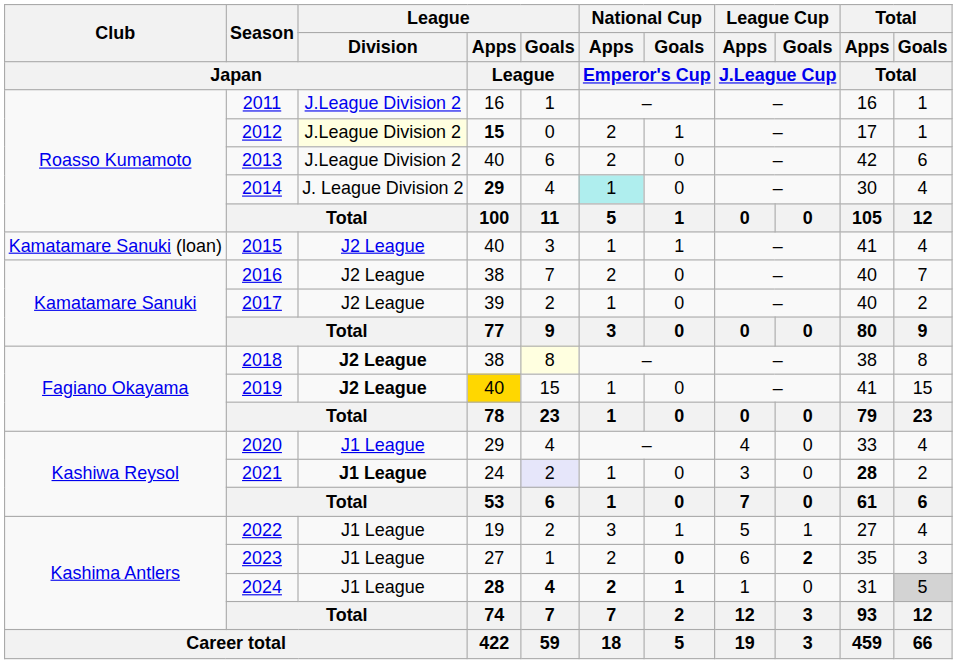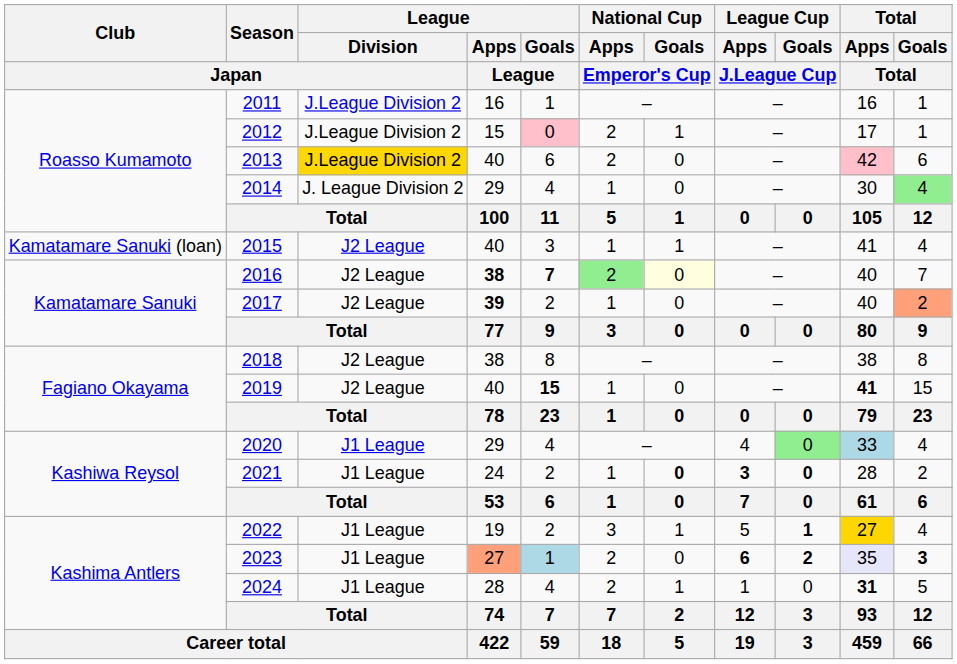 <table class="wikitable" style="text-align: center">
 <tr>
 <th rowspan="2">Club</th>
 <th rowspan="2">Season</th>
 <th colspan="3">League</th>
 <th colspan="2">National Cup</th>
 <th colspan="2">League Cup</th>
 <th colspan="2">Total</th>
 </tr>
 <tr>
 <th>Division</th>
 <th>Apps</th>
 <th>Goals</th>
 <th>Apps</th>
 <th>Goals</th>
 <th>Apps</th>
 <th>Goals</th>
 <th>Apps</th>
 <th>Goals</th>
 </tr>
 <tr>
 <th colspan=3>Japan</th>
 <th colspan=2>League</th>
 <th colspan=2><a href='#'>Emperor's Cup</a></th>
 <th colspan=2><a href='#'>J.League Cup</a></th>
 <th colspan=2>Total</th>
 </tr>
 <tr>
 <td rowspan="5"><a href='#'>Roasso Kumamoto</a></td>
 <td><a href='#'>2011</a></td>
 <td><a href='#'>J.League Division 2</a></td>
 <td>16</td>
 <td>1</td>
 <td colspan="2">–</td>
 <td colspan="2">–</td>
 <td>16</td>
 <td>1</td>
 </tr>
 <tr>
 <td><a href='#'>2012</a></td>
-<td style="background: lightyellow;">J.League Division 2</td>
-<td><strong>15</strong></td>
-<td>0</td>
+<td>J.League Division 2</td>
+<td>15</td>
+<td style="background: pink;">0</td>
 <td>2</td>
 <td>1</td>
 <td colspan="2">–</td>
 <td>17</td>
 <td>1</td>
 </tr>
 <tr>
 <td><a href='#'>2013</a></td>
-<td>J.League Division 2</td>
+<td style="background: gold;">J.League Division 2</td>
 <td>40</td>
 <td>6</td>
 <td>2</td>
 <td>0</td>
 <td colspan="2">–</td>
-<td>42</td>
+<td style="background: pink;">42</td>
 <td>6</td>
 </tr>
 <tr>
 <td><a href='#'>2014</a></td>
 <td>J. League Division 2</td>
-<td><strong>29</strong></td>
+<td>29</td>
 <td>4</td>
-<td style="background: paleturquoise;">1</td>
+<td>1</td>
 <td>0</td>
 <td colspan="2">–</td>
 <td>30</td>
-<td>4</td>
+<td style="background: lightgreen;">4</td>
 </tr>
 <tr>
 <th colspan="2">Total</th>
 <th>100</th>
 <th>11</th>
 <th>5</th>
 <th>1</th>
 <th>0</th>
 <th>0</th>
 <th>105</th>
 <th>12</th>
 </tr>
 <tr>
 <td><a href='#'>Kamatamare Sanuki</a> (loan)</td>
 <td><a href='#'>2015</a></td>
 <td><a href='#'>J2 League</a></td>
 <td>40</td>
 <td>3</td>
 <td>1</td>
 <td>1</td>
 <td colspan="2">–</td>
 <td>41</td>
 <td>4</td>
 </tr>
 <tr>
 <td rowspan="3"><a href='#'>Kamatamare Sanuki</a></td>
 <td><a href='#'>2016</a></td>
 <td>J2 League</td>
-<td>38</td>
-<td>7</td>
-<td>2</td>
-<td>0</td>
+<td><strong>38</strong></td>
+<td><strong>7</strong></td>
+<td style="background: lightgreen;">2</td>
+<td style="background: lightyellow;">0</td>
 <td colspan="2">–</td>
 <td>40</td>
 <td>7</td>
 </tr>
 <tr>
 <td><a href='#'>2017</a></td>
 <td>J2 League</td>
-<td>39</td>
+<td><strong>39</strong></td>
 <td>2</td>
 <td>1</td>
 <td>0</td>
 <td colspan="2">–</td>
 <td>40</td>
-<td>2</td>
+<td style="background: lightsalmon;">2</td>
 </tr>
 <tr>
 <th colspan="2">Total</th>
 <th>77</th>
 <th>9</th>
 <th>3</th>
 <th>0</th>
 <th>0</th>
 <th>0</th>
 <th>80</th>
 <th>9</th>
 </tr>
 <tr>
 <td rowspan="3"><a href='#'>Fagiano Okayama</a></td>
 <td><a href='#'>2018</a></td>
-<td><strong>J2 League</strong></td>
+<td>J2 League</td>
 <td>38</td>
-<td style="background: lightyellow;">8</td>
+<td>8</td>
 <td colspan="2">–</td>
 <td colspan="2">–</td>
 <td>38</td>
 <td>8</td>
 </tr>
 <tr>
 <td><a href='#'>2019</a></td>
-<td><strong>J2 League</strong></td>
-<td style="background: gold;">40</td>
-<td>15</td>
+<td>J2 League</td>
+<td>40</td>
+<td><strong>15</strong></td>
 <td>1</td>
 <td>0</td>
 <td colspan="2">–</td>
-<td>41</td>
+<td><strong>41</strong></td>
 <td>15</td>
 </tr>
 <tr>
 <th colspan="2">Total</th>
 <th>78</th>
 <th>23</th>
 <th>1</th>
 <th>0</th>
 <th>0</th>
 <th>0</th>
 <th>79</th>
 <th>23</th>
 </tr>
 <tr>
 <td rowspan="3"><a href='#'>Kashiwa Reysol</a></td>
 <td><a href='#'>2020</a></td>
 <td><a href='#'>J1 League</a></td>
 <td>29</td>
 <td>4</td>
 <td colspan="2">–</td>
 <td>4</td>
-<td>0</td>
-<td>33</td>
+<td style="background: lightgreen;">0</td>
+<td style="background: lightblue;">33</td>
 <td>4</td>
 </tr>
 <tr>
 <td><a href='#'>2021</a></td>
-<td><strong>J1 League</strong></td>
+<td>J1 League</td>
 <td>24</td>
-<td style="background: lavender;">2</td>
+<td>2</td>
 <td>1</td>
-<td>0</td>
-<td>3</td>
-<td>0</td>
-<td><strong>28</strong></td>
+<td><strong>0</strong></td>
+<td><strong>3</strong></td>
+<td><strong>0</strong></td>
+<td>28</td>
 <td>2</td>
 </tr>
 <tr>
 <th colspan="2">Total</th>
 <th>53</th>
 <th>6</th>
 <th>1</th>
 <th>0</th>
 <th>7</th>
 <th>0</th>
 <th>61</th>
 <th>6</th>
 </tr>
 <tr>
 <td rowspan="4"><a href='#'>Kashima Antlers</a></td>
 <td><a href='#'>2022</a></td>
 <td>J1 League</td>
 <td>19</td>
 <td>2</td>
 <td>3</td>
 <td>1</td>
 <td>5</td>
-<td>1</td>
-<td>27</td>
+<td><strong>1</strong></td>
+<td style="background: gold;">27</td>
 <td>4</td>
 </tr>
 <tr>
 <td><a href='#'>2023</a></td>
 <td>J1 League</td>
-<td>27</td>
-<td>1</td>
+<td style="background: lightsalmon;">27</td>
+<td style="background: lightblue;">1</td>
 <td>2</td>
-<td><strong>0</strong></td>
-<td>6</td>
+<td>0</td>
+<td><strong>6</strong></td>
 <td><strong>2</strong></td>
-<td>35</td>
-<td>3</td>
+<td style="background: lavender;">35</td>
+<td><strong>3</strong></td>
 </tr>
 <tr>
 <td><a href='#'>2024</a></td>
 <td>J1 League</td>
-<td><strong>28</strong></td>
-<td><strong>4</strong></td>
-<td><strong>2</strong></td>
-<td><strong>1</strong></td>
+<td>28</td>
+<td>4</td>
+<td>2</td>
+<td>1</td>
 <td>1</td>
 <td>0</td>
-<td>31</td>
-<td style="background: lightgrey;">5</td>
+<td><strong>31</strong></td>
+<td>5</td>
 </tr>
 <tr>
 <th colspan="2">Total</th>
 <th>74</th>
 <th>7</th>
 <th>7</th>
 <th>2</th>
 <th>12</th>
 <th>3</th>
 <th>93</th>
 <th>12</th>
 </tr>
 <tr>
 <th colspan=3>Career total</th>
 <th>422</th>
 <th>59</th>
 <th>18</th>
 <th>5</th>
 <th>19</th>
 <th>3</th>
 <th>459</th>
 <th>66</th>
 </tr>
 </table>
